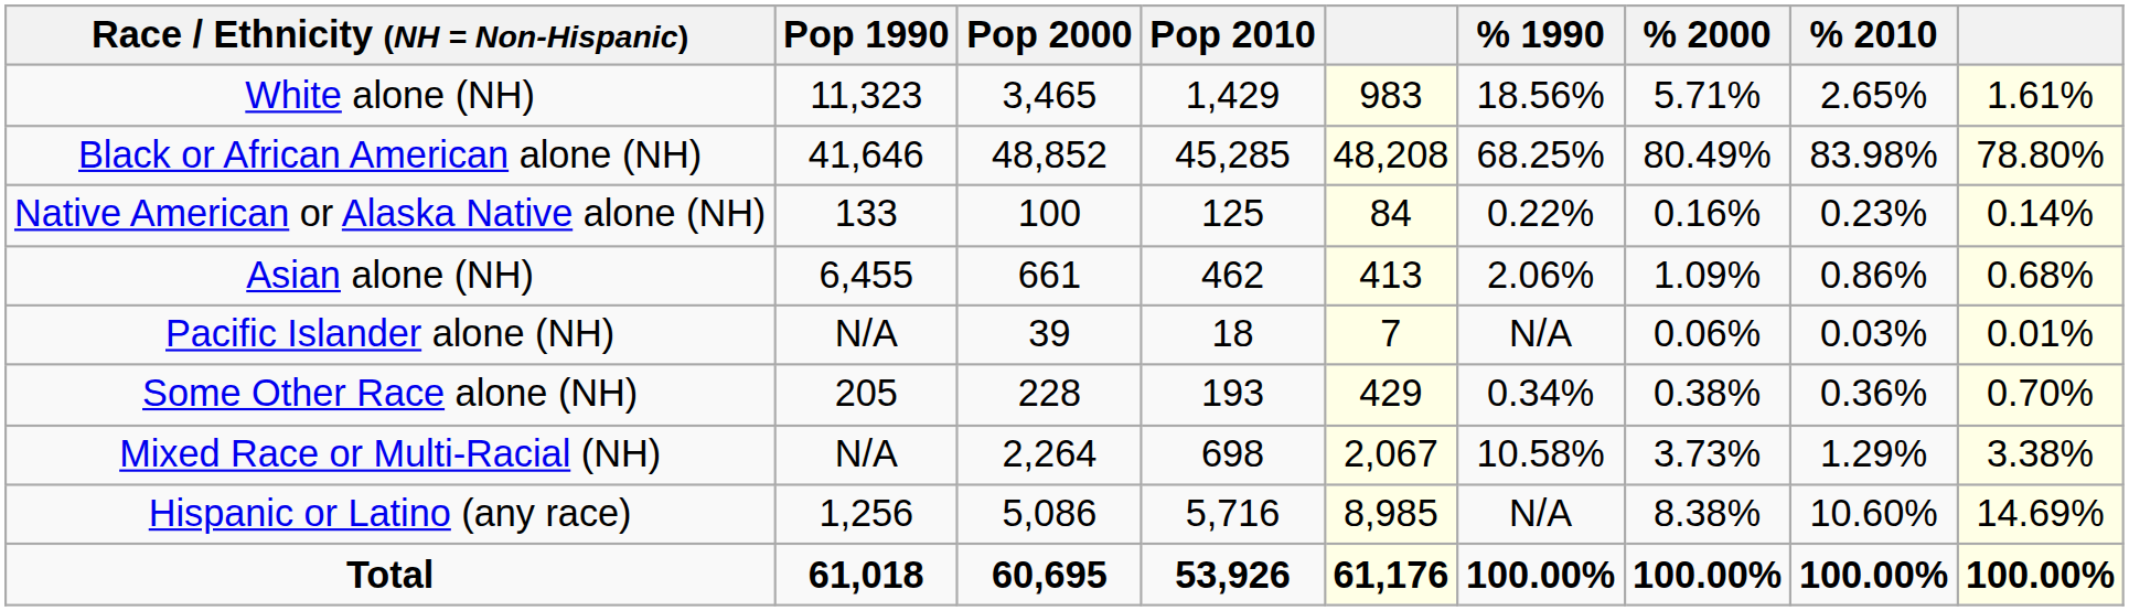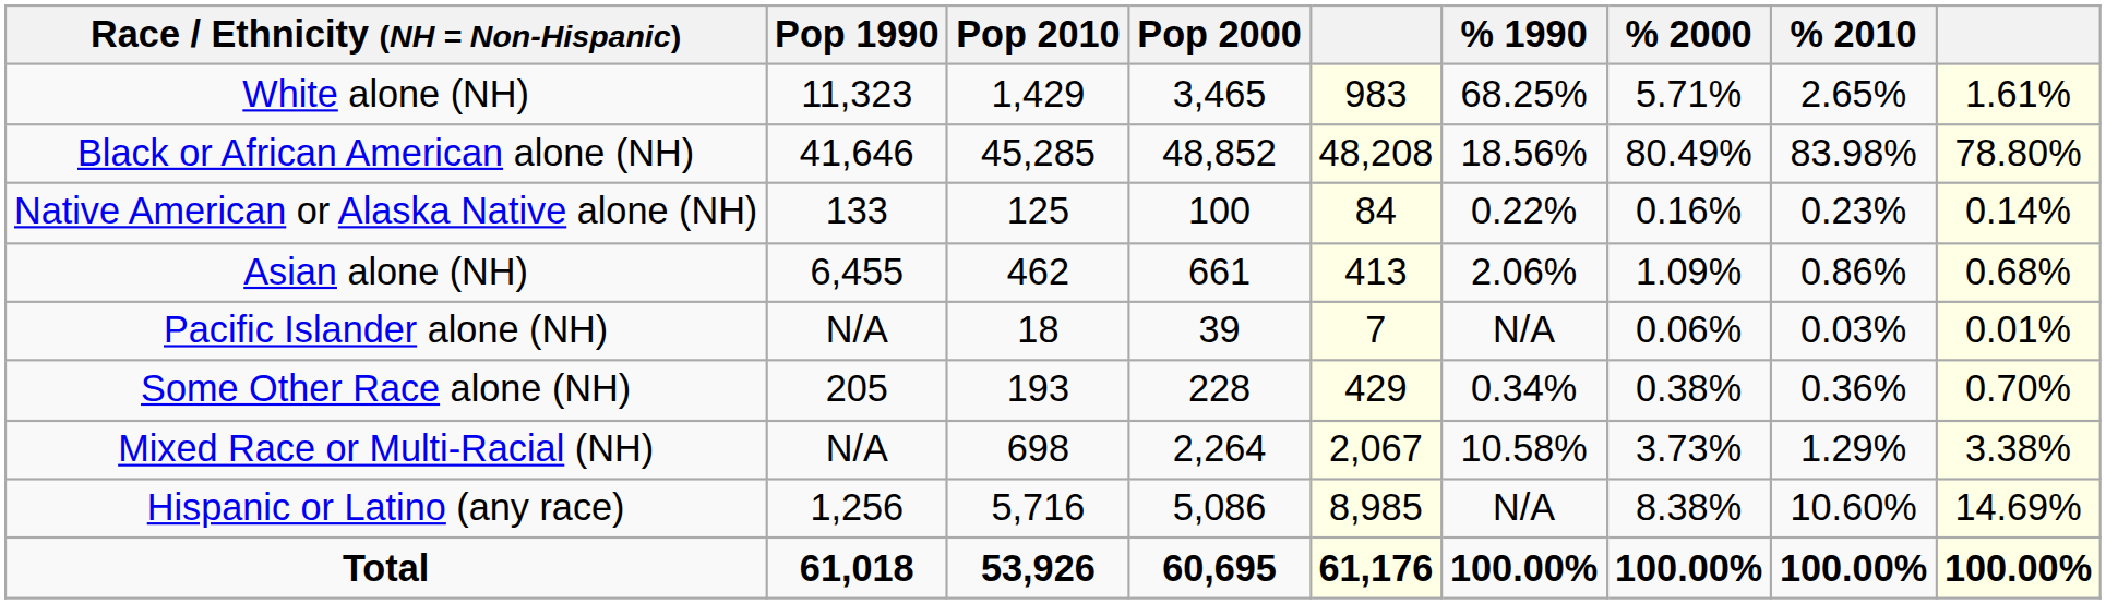 <table class="wikitable" style="text-align:center;">
 <tr>
 <th>Race / Ethnicity <small>(<em>NH = Non-Hispanic</em>)</small></th>
 <th>Pop 1990</th>
+<th>Pop 2010</th>
 <th>Pop 2000</th>
-<th>Pop 2010</th>
 <th></th>
 <th>% 1990</th>
 <th>% 2000</th>
 <th>% 2010</th>
 <th></th>
 </tr>
 <tr>
 <td><a href='#'>White</a> alone (NH)</td>
 <td>11,323</td>
+<td>1,429</td>
 <td>3,465</td>
-<td>1,429</td>
 <td style='background: #ffffe6;'>983</td>
-<td>18.56%</td>
+<td>68.25%</td>
 <td>5.71%</td>
 <td>2.65%</td>
 <td style='background: #ffffe6;'>1.61%</td>
 </tr>
 <tr>
 <td><a href='#'>Black or African American</a> alone (NH)</td>
 <td>41,646</td>
+<td>45,285</td>
 <td>48,852</td>
-<td>45,285</td>
 <td style='background: #ffffe6;'>48,208</td>
-<td>68.25%</td>
+<td>18.56%</td>
 <td>80.49%</td>
 <td>83.98%</td>
 <td style='background: #ffffe6;'>78.80%</td>
 </tr>
 <tr>
 <td><a href='#'>Native American</a> or <a href='#'>Alaska Native</a> alone (NH)</td>
 <td>133</td>
+<td>125</td>
 <td>100</td>
-<td>125</td>
 <td style='background: #ffffe6;'>84</td>
 <td>0.22%</td>
 <td>0.16%</td>
 <td>0.23%</td>
 <td style='background: #ffffe6;'>0.14%</td>
 </tr>
 <tr>
 <td><a href='#'>Asian</a> alone (NH)</td>
 <td>6,455</td>
+<td>462</td>
 <td>661</td>
-<td>462</td>
 <td style='background: #ffffe6;'>413</td>
 <td>2.06%</td>
 <td>1.09%</td>
 <td>0.86%</td>
 <td style='background: #ffffe6;'>0.68%</td>
 </tr>
 <tr>
 <td><a href='#'>Pacific Islander</a> alone (NH)</td>
 <td>N/A</td>
+<td>18</td>
 <td>39</td>
-<td>18</td>
 <td style='background: #ffffe6;'>7</td>
 <td>N/A</td>
 <td>0.06%</td>
 <td>0.03%</td>
 <td style='background: #ffffe6;'>0.01%</td>
 </tr>
 <tr>
 <td><a href='#'>Some Other Race</a> alone (NH)</td>
 <td>205</td>
+<td>193</td>
 <td>228</td>
-<td>193</td>
 <td style='background: #ffffe6;'>429</td>
 <td>0.34%</td>
 <td>0.38%</td>
 <td>0.36%</td>
 <td style='background: #ffffe6;'>0.70%</td>
 </tr>
 <tr>
 <td><a href='#'>Mixed Race or Multi-Racial</a> (NH)</td>
 <td>N/A</td>
+<td>698</td>
 <td>2,264</td>
-<td>698</td>
 <td style='background: #ffffe6;'>2,067</td>
 <td>10.58%</td>
 <td>3.73%</td>
 <td>1.29%</td>
 <td style='background: #ffffe6;'>3.38%</td>
 </tr>
 <tr>
 <td><a href='#'>Hispanic or Latino</a> (any race)</td>
 <td>1,256</td>
+<td>5,716</td>
 <td>5,086</td>
-<td>5,716</td>
 <td style='background: #ffffe6;'>8,985</td>
 <td>N/A</td>
 <td>8.38%</td>
 <td>10.60%</td>
 <td style='background: #ffffe6;'>14.69%</td>
 </tr>
 <tr>
 <td><strong>Total</strong></td>
 <td><strong>61,018</strong></td>
+<td><strong>53,926</strong></td>
 <td><strong>60,695</strong></td>
-<td><strong>53,926</strong></td>
 <td style='background: #ffffe6;'><strong>61,176</strong></td>
 <td><strong>100.00%</strong></td>
 <td><strong>100.00%</strong></td>
 <td><strong>100.00%</strong></td>
 <td style='background: #ffffe6;'><strong>100.00%</strong></td>
 </tr>
 </table>
